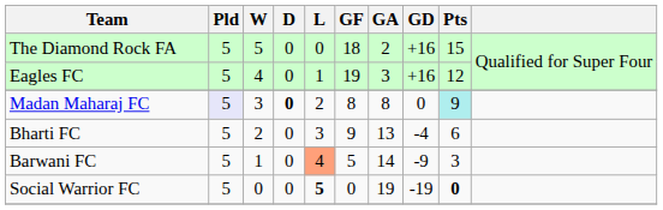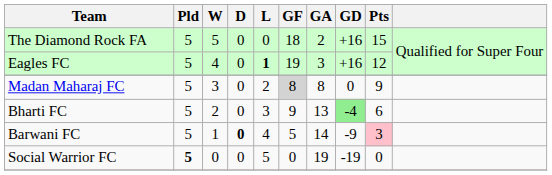 <table class="wikitable" style="text-align: center;">
 <tr>
 <th width="175">Team</th>
 <th width="20">Pld</th>
 <th width="20">W</th>
 <th width="20">D</th>
 <th width="20">L</th>
 <th width="20">GF</th>
 <th width="20">GA</th>
 <th width="20">GD</th>
 <th width="20">Pts</th>
 <th></th>
 </tr>
 <tr bgcolor="#ccffcc">
 <td align="left">The Diamond Rock FA</td>
 <td>5</td>
 <td>5</td>
 <td>0</td>
 <td>0</td>
 <td>18</td>
 <td>2</td>
 <td>+16</td>
 <td>15</td>
 <td rowspan="2">Qualified for Super Four</td>
 </tr>
 <tr bgcolor="#ccffcc">
 <td align="left">Eagles FC</td>
 <td>5</td>
 <td>4</td>
 <td>0</td>
-<td>1</td>
+<td><strong>1</strong></td>
 <td>19</td>
 <td>3</td>
 <td>+16</td>
 <td>12</td>
 </tr>
 <tr>
 </tr>
 <tr>
 <td align="left"><a href='#'>Madan Maharaj FC</a></td>
-<td style="background: lavender;">5</td>
+<td>5</td>
 <td>3</td>
-<td><strong>0</strong></td>
+<td>0</td>
 <td>2</td>
-<td>8</td>
+<td style="background: lightgrey;">8</td>
 <td>8</td>
 <td>0</td>
-<td style="background: paleturquoise;">9</td>
+<td>9</td>
 <td></td>
 </tr>
 <tr>
 <td align="left">Bharti FC</td>
 <td>5</td>
 <td>2</td>
 <td>0</td>
 <td>3</td>
 <td>9</td>
 <td>13</td>
-<td>-4</td>
+<td style="background: lightgreen;">-4</td>
 <td>6</td>
 <td></td>
 </tr>
 <tr>
 <td align="left">Barwani FC</td>
 <td>5</td>
 <td>1</td>
-<td>0</td>
-<td style="background: lightsalmon;">4</td>
+<td><strong>0</strong></td>
+<td>4</td>
 <td>5</td>
 <td>14</td>
 <td>-9</td>
-<td>3</td>
+<td style="background: pink;">3</td>
 <td></td>
 </tr>
 <tr>
 <td align="left">Social Warrior FC</td>
-<td>5</td>
+<td><strong>5</strong></td>
 <td>0</td>
 <td>0</td>
-<td><strong>5</strong></td>
+<td>5</td>
 <td>0</td>
 <td>19</td>
 <td>-19</td>
-<td><strong>0</strong></td>
+<td>0</td>
 <td></td>
 </tr>
 <tr>
 </tr>
 </table>
